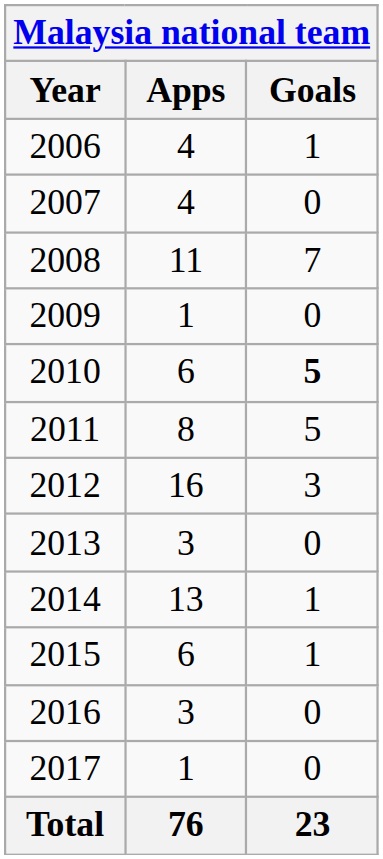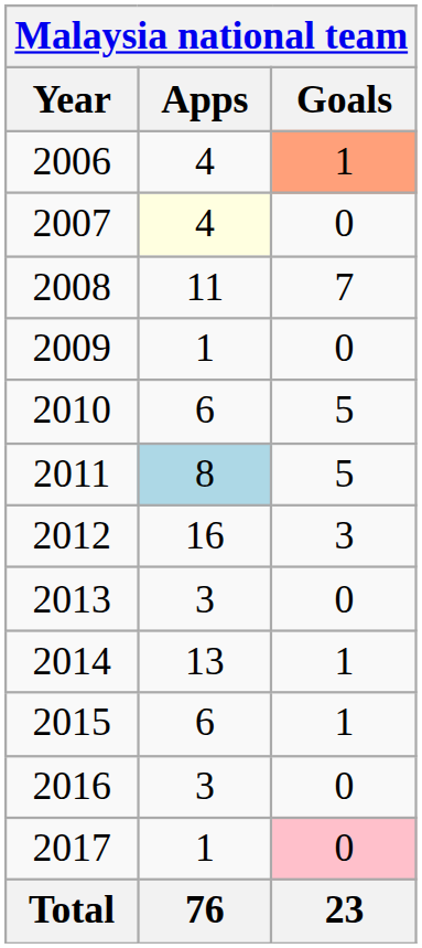 <table class="wikitable" style="text-align:center">
 <tr>
 <th colspan=12><a href='#'>Malaysia national team</a></th>
 </tr>
 <tr>
 <th>Year</th>
 <th>Apps</th>
 <th>Goals</th>
 </tr>
 <tr>
 <td>2006</td>
 <td>4</td>
-<td>1</td>
+<td style="background: lightsalmon;">1</td>
 </tr>
 <tr>
 <td>2007</td>
-<td>4</td>
+<td style="background: lightyellow;">4</td>
 <td>0</td>
 </tr>
 <tr>
 <td>2008</td>
 <td>11</td>
 <td>7</td>
 </tr>
 <tr>
 <td>2009</td>
 <td>1</td>
 <td>0</td>
 </tr>
 <tr>
 <td>2010</td>
 <td>6</td>
-<td><strong>5</strong></td>
+<td>5</td>
 </tr>
 <tr>
 <td>2011</td>
-<td>8</td>
+<td style="background: lightblue;">8</td>
 <td>5</td>
 </tr>
 <tr>
 <td>2012</td>
 <td>16</td>
 <td>3</td>
 </tr>
 <tr>
 <td>2013</td>
 <td>3</td>
 <td>0</td>
 </tr>
 <tr>
 <td>2014</td>
 <td>13</td>
 <td>1</td>
 </tr>
 <tr>
 <td>2015</td>
 <td>6</td>
 <td>1</td>
 </tr>
 <tr>
 <td>2016</td>
 <td>3</td>
 <td>0</td>
 </tr>
 <tr>
 <td>2017</td>
 <td>1</td>
-<td>0</td>
+<td style="background: pink;">0</td>
 </tr>
 <tr>
 <th>Total</th>
 <th>76</th>
 <th>23</th>
 </tr>
 </table>
